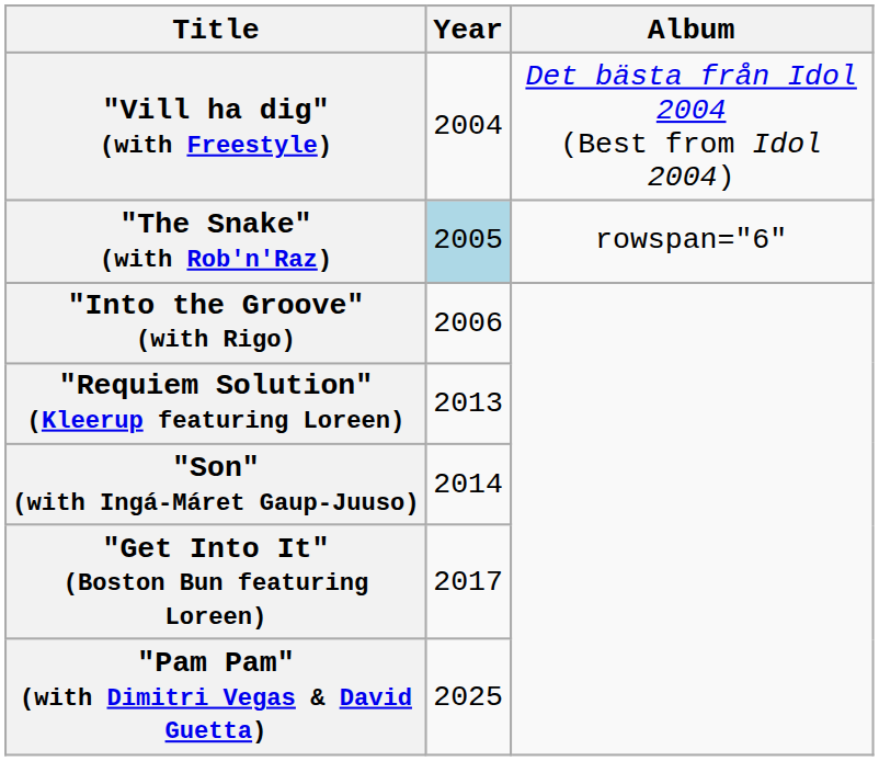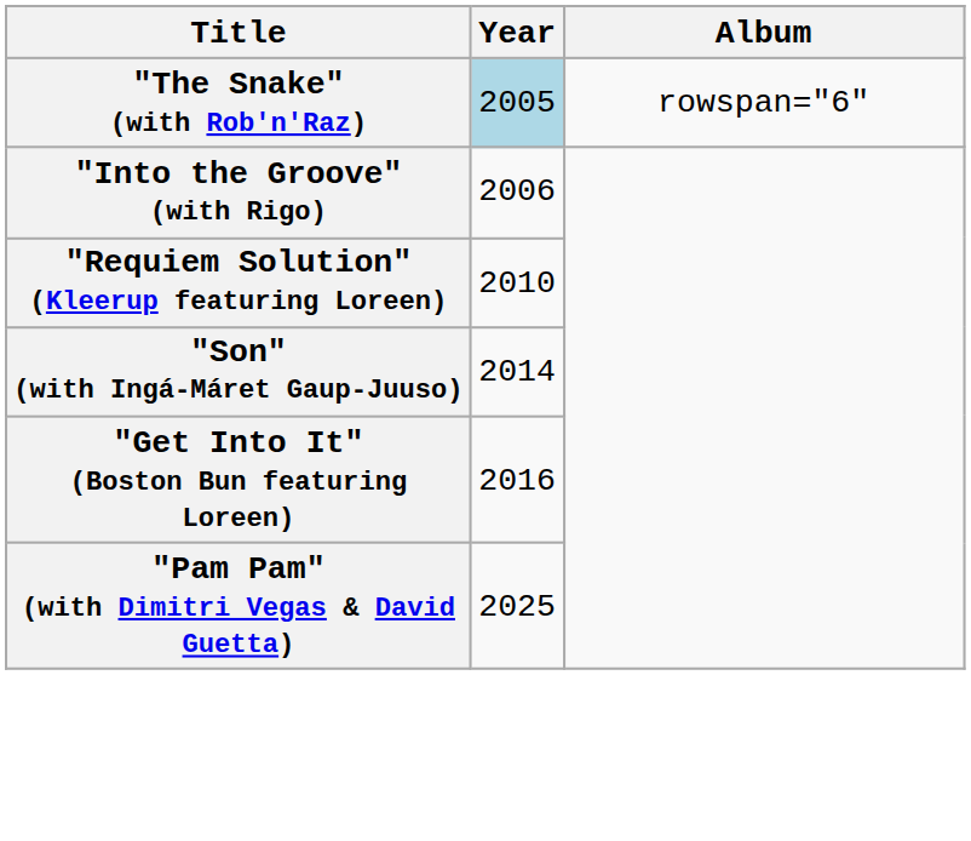 <table class="wikitable plainrowheaders" style="text-align:center;">
 <tr>
 <th scope="col" style="width:14em;">Title</th>
 <th scope="col" style="width:1em;">Year</th>
 <th scope="col" style="width:12em;">Album</th>
-</tr>
-<tr>
-<th scope="row">"Vill ha dig"<br><small>(with <a href='#'>Freestyle</a>)</small></th>
-<td>2004</td>
-<td><em><a href='#'>Det bästa från Idol 2004</a></em><br>(Best from <em>Idol 2004</em>)</td>
 </tr>
 <tr>
 <th scope="row">"The Snake"<br><small>(with <a href='#'>Rob'n'Raz</a>)</small></th>
 <td style="background: lightblue;">2005</td>
 <td>rowspan="6" </td>
 </tr>
 <tr>
 <th scope="row">"Into the Groove"<br><small>(with Rigo)</small></th>
 <td>2006</td>
 </tr>
 <tr>
 <th scope="row">"Requiem Solution"<br><small>(<a href='#'>Kleerup</a> featuring Loreen)</small></th>
-<td>2013</td>
+<td>2010</td>
 </tr>
 <tr>
 <th scope="row">"Son"<br><small>(with Ingá-Máret Gaup-Juuso)</small></th>
 <td>2014</td>
 </tr>
 <tr>
 <th scope="row">"Get Into It"<br><small>(Boston Bun featuring Loreen)</small></th>
-<td>2017</td>
+<td>2016</td>
 </tr>
 <tr>
 <th scope="row">"Pam Pam"<br><small>(with <a href='#'>Dimitri Vegas</a> & <a href='#'>David Guetta</a>)</small></th>
 <td>2025</td>
 </tr>
 </table>
